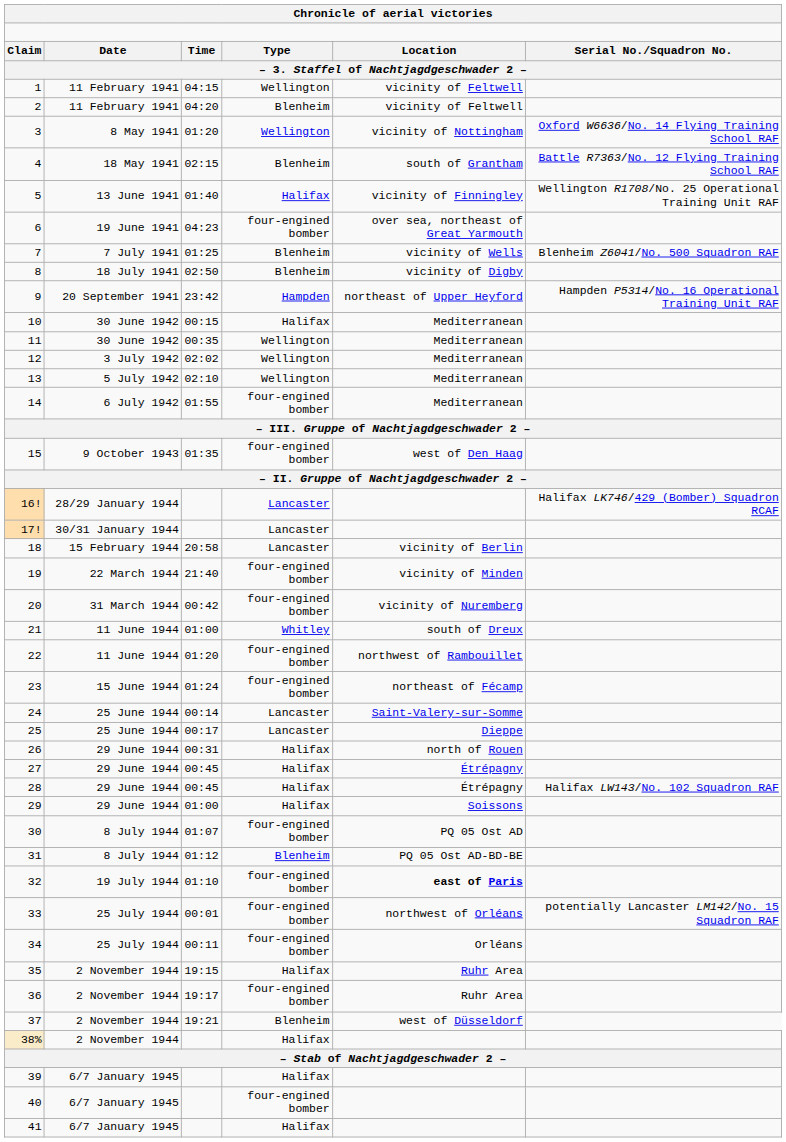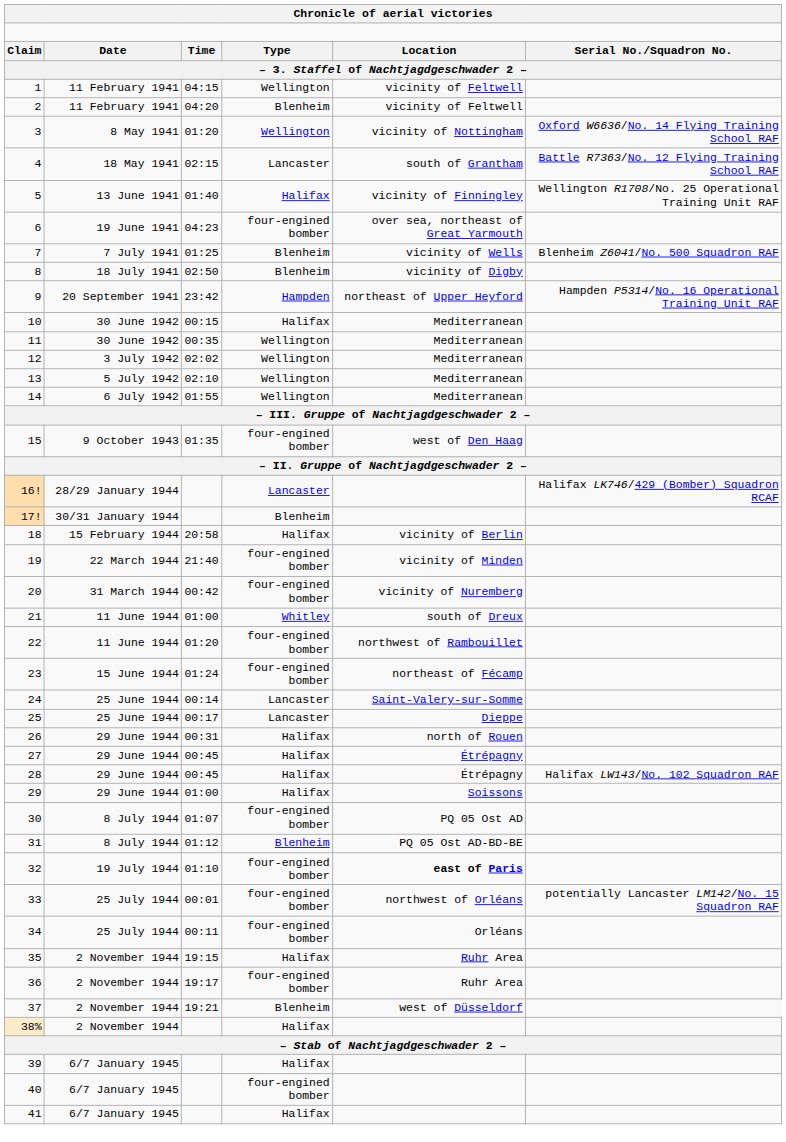 <table class="wikitable plainrowheaders collapsible" style="margin-left: auto; margin-right: auto; border: none; text-align:right; width: 100%;">
 <tr>
 <th colspan="6">Chronicle of aerial victories</th>
 </tr>
 <tr>
 <td colspan="6" style="text-align: left;"><br> </td>
 </tr>
 <tr>
 <th scope="col">Claim</th>
 <th scope="col" style="width:150px">Date</th>
 <th scope="col">Time</th>
 <th scope="col">Type</th>
 <th scope="col">Location</th>
 <th scope="col">Serial No./Squadron No.</th>
 </tr>
 <tr>
 <th colspan="6">– 3. <em>Staffel</em> of <em>Nachtjagdgeschwader</em> 2 –</th>
 </tr>
 <tr>
 <td>1</td>
 <td>11 February 1941</td>
 <td>04:15</td>
 <td>Wellington</td>
 <td>vicinity of <a href='#'>Feltwell</a></td>
 <td></td>
 </tr>
 <tr>
 <td>2</td>
 <td>11 February 1941</td>
 <td>04:20</td>
 <td>Blenheim</td>
 <td>vicinity of Feltwell</td>
 <td></td>
 </tr>
 <tr>
 <td>3</td>
 <td>8 May 1941</td>
 <td>01:20</td>
 <td><a href='#'>Wellington</a></td>
 <td>vicinity of <a href='#'>Nottingham</a></td>
 <td><a href='#'>Oxford</a> <em>W6636</em>/<a href='#'>No. 14 Flying Training School RAF</a></td>
 </tr>
 <tr>
 <td>4</td>
 <td>18 May 1941</td>
 <td>02:15</td>
-<td>Blenheim</td>
+<td>Lancaster</td>
 <td> south of <a href='#'>Grantham</a></td>
 <td><a href='#'>Battle</a> <em>R7363</em>/<a href='#'>No. 12 Flying Training School RAF</a></td>
 </tr>
 <tr>
 <td>5</td>
 <td>13 June 1941</td>
 <td>01:40</td>
 <td><a href='#'>Halifax</a></td>
 <td>vicinity of <a href='#'>Finningley</a></td>
 <td>Wellington <em>R1708</em>/No. 25 Operational Training Unit RAF</td>
 </tr>
 <tr>
 <td>6</td>
 <td>19 June 1941</td>
 <td>04:23</td>
 <td>four-engined bomber</td>
 <td>over sea,  northeast of <a href='#'>Great Yarmouth</a></td>
 <td></td>
 </tr>
 <tr>
 <td>7</td>
 <td>7 July 1941</td>
 <td>01:25</td>
 <td>Blenheim</td>
 <td>vicinity of <a href='#'>Wells</a></td>
 <td>Blenheim <em>Z6041</em>/<a href='#'>No. 500 Squadron RAF</a></td>
 </tr>
 <tr>
 <td>8</td>
 <td>18 July 1941</td>
 <td>02:50</td>
 <td>Blenheim</td>
 <td>vicinity of <a href='#'>Digby</a></td>
 <td></td>
 </tr>
 <tr>
 <td>9</td>
 <td>20 September 1941</td>
 <td>23:42</td>
 <td><a href='#'>Hampden</a></td>
 <td> northeast of <a href='#'>Upper Heyford</a></td>
 <td>Hampden <em>P5314</em>/<a href='#'>No. 16 Operational Training Unit RAF</a></td>
 </tr>
 <tr>
 <td>10</td>
 <td>30 June 1942</td>
 <td>00:15</td>
 <td>Halifax</td>
 <td>Mediterranean</td>
 <td></td>
 </tr>
 <tr>
 <td>11</td>
 <td>30 June 1942</td>
 <td>00:35</td>
 <td>Wellington</td>
 <td>Mediterranean</td>
 <td></td>
 </tr>
 <tr>
 <td>12</td>
 <td>3 July 1942</td>
 <td>02:02</td>
 <td>Wellington</td>
 <td>Mediterranean</td>
 <td></td>
 </tr>
 <tr>
 <td>13</td>
 <td>5 July 1942</td>
 <td>02:10</td>
 <td>Wellington</td>
 <td>Mediterranean</td>
 <td></td>
 </tr>
 <tr>
 <td>14</td>
 <td>6 July 1942</td>
 <td>01:55</td>
-<td>four-engined bomber</td>
+<td>Wellington</td>
 <td>Mediterranean</td>
 <td></td>
 </tr>
 <tr>
 <th colspan="6">– III. <em>Gruppe</em> of <em>Nachtjagdgeschwader</em> 2 –</th>
 </tr>
 <tr>
 <td>15</td>
 <td>9 October 1943</td>
 <td>01:35</td>
 <td>four-engined bomber</td>
 <td> west of <a href='#'>Den Haag</a></td>
 <td></td>
 </tr>
 <tr>
 <th colspan="6">– II. <em>Gruppe</em> of <em>Nachtjagdgeschwader</em> 2 –</th>
 </tr>
 <tr>
 <td style="background:#ffdead">16!</td>
 <td>28/29 January 1944</td>
 <td></td>
 <td><a href='#'>Lancaster</a></td>
 <td></td>
 <td>Halifax <em>LK746</em>/<a href='#'>429 (Bomber) Squadron RCAF</a></td>
 </tr>
 <tr>
 <td style="background:#ffdead">17!</td>
 <td>30/31 January 1944</td>
 <td></td>
-<td>Lancaster</td>
+<td>Blenheim</td>
 <td></td>
 <td></td>
 </tr>
 <tr>
 <td>18</td>
 <td>15 February 1944</td>
 <td>20:58</td>
-<td>Lancaster</td>
+<td>Halifax</td>
 <td>vicinity of <a href='#'>Berlin</a></td>
 <td></td>
 </tr>
 <tr>
 <td>19</td>
 <td>22 March 1944</td>
 <td>21:40</td>
 <td>four-engined bomber</td>
 <td>vicinity of <a href='#'>Minden</a></td>
 <td></td>
 </tr>
 <tr>
 <td>20</td>
 <td>31 March 1944</td>
 <td>00:42</td>
 <td>four-engined bomber</td>
 <td>vicinity of <a href='#'>Nuremberg</a></td>
 <td></td>
 </tr>
 <tr>
 <td>21</td>
 <td>11 June 1944</td>
 <td>01:00</td>
 <td><a href='#'>Whitley</a></td>
 <td> south of <a href='#'>Dreux</a></td>
 <td></td>
 </tr>
 <tr>
 <td>22</td>
 <td>11 June 1944</td>
 <td>01:20</td>
 <td>four-engined bomber</td>
 <td> northwest of <a href='#'>Rambouillet</a></td>
 <td></td>
 </tr>
 <tr>
 <td>23</td>
 <td>15 June 1944</td>
 <td>01:24</td>
 <td>four-engined bomber</td>
 <td>northeast of <a href='#'>Fécamp</a></td>
 <td></td>
 </tr>
 <tr>
 <td>24</td>
 <td>25 June 1944</td>
 <td>00:14</td>
 <td>Lancaster</td>
 <td><a href='#'>Saint-Valery-sur-Somme</a></td>
 <td></td>
 </tr>
 <tr>
 <td>25</td>
 <td>25 June 1944</td>
 <td>00:17</td>
 <td>Lancaster</td>
 <td><a href='#'>Dieppe</a></td>
 <td></td>
 </tr>
 <tr>
 <td>26</td>
 <td>29 June 1944</td>
 <td>00:31</td>
 <td>Halifax</td>
 <td>north of <a href='#'>Rouen</a></td>
 <td></td>
 </tr>
 <tr>
 <td>27</td>
 <td>29 June 1944</td>
 <td>00:45</td>
 <td>Halifax</td>
 <td><a href='#'>Étrépagny</a></td>
 <td></td>
 </tr>
 <tr>
 <td>28</td>
 <td>29 June 1944</td>
 <td>00:45</td>
 <td>Halifax</td>
 <td>Étrépagny</td>
 <td>Halifax <em>LW143</em>/<a href='#'>No. 102 Squadron RAF</a></td>
 </tr>
 <tr>
 <td>29</td>
 <td>29 June 1944</td>
 <td>01:00</td>
 <td>Halifax</td>
 <td><a href='#'>Soissons</a></td>
 <td></td>
 </tr>
 <tr>
 <td>30</td>
 <td>8 July 1944</td>
 <td>01:07</td>
 <td>four-engined bomber</td>
 <td>PQ 05 Ost AD</td>
 <td></td>
 </tr>
 <tr>
 <td>31</td>
 <td>8 July 1944</td>
 <td>01:12</td>
 <td><a href='#'>Blenheim</a></td>
 <td>PQ 05 Ost AD-BD-BE</td>
 <td></td>
 </tr>
 <tr>
 <td>32</td>
 <td>19 July 1944</td>
 <td>01:10</td>
 <td>four-engined bomber</td>
 <td><strong>east of <a href='#'>Paris</a></strong></td>
 <td></td>
 </tr>
 <tr>
 <td>33</td>
 <td>25 July 1944</td>
 <td>00:01</td>
 <td>four-engined bomber</td>
 <td>northwest of <a href='#'>Orléans</a></td>
 <td>potentially Lancaster <em>LM142</em>/<a href='#'>No. 15 Squadron RAF</a></td>
 </tr>
 <tr>
 <td>34</td>
 <td>25 July 1944</td>
 <td>00:11</td>
 <td>four-engined bomber</td>
 <td>Orléans</td>
 <td></td>
 </tr>
 <tr>
 <td>35</td>
 <td>2 November 1944</td>
 <td>19:15</td>
 <td>Halifax</td>
 <td><a href='#'>Ruhr</a> Area</td>
 <td></td>
 </tr>
 <tr>
 <td>36</td>
 <td>2 November 1944</td>
 <td>19:17</td>
 <td>four-engined bomber</td>
 <td>Ruhr Area</td>
 <td></td>
 </tr>
 <tr>
 <td>37</td>
 <td>2 November 1944</td>
 <td>19:21</td>
 <td>Blenheim</td>
 <td>west of <a href='#'>Düsseldorf</a></td>
 </tr>
 <tr>
 <td style="background:#faecc8">38%</td>
 <td>2 November 1944</td>
 <td></td>
 <td>Halifax</td>
 <td></td>
 <td></td>
 </tr>
 <tr>
 <th colspan="6">– <em>Stab</em> of <em>Nachtjagdgeschwader</em> 2 –</th>
 </tr>
 <tr>
 <td>39</td>
 <td>6/7 January 1945</td>
 <td></td>
 <td>Halifax</td>
 <td></td>
 <td></td>
 </tr>
 <tr>
 <td>40</td>
 <td>6/7 January 1945</td>
 <td></td>
 <td>four-engined bomber</td>
 <td></td>
 <td></td>
 </tr>
 <tr>
 <td>41</td>
 <td>6/7 January 1945</td>
 <td></td>
 <td>Halifax</td>
 <td></td>
 <td></td>
 </tr>
 </table>
